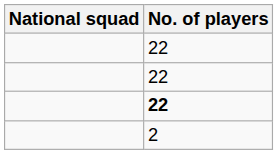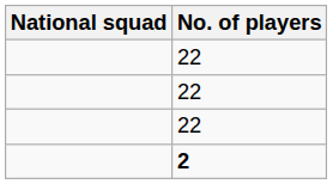 <table class="wikitable sortable">
 <tr>
 <th>National squad</th>
 <th>No. of players</th>
 </tr>
 <tr>
 <td></td>
 <td>22</td>
 </tr>
 <tr>
 <td></td>
 <td>22</td>
 </tr>
 <tr>
 <td></td>
-<td><strong>22</strong></td>
+<td>22</td>
 </tr>
 <tr>
 <td></td>
-<td>2</td>
+<td><strong>2</strong></td>
 </tr>
 </table>
